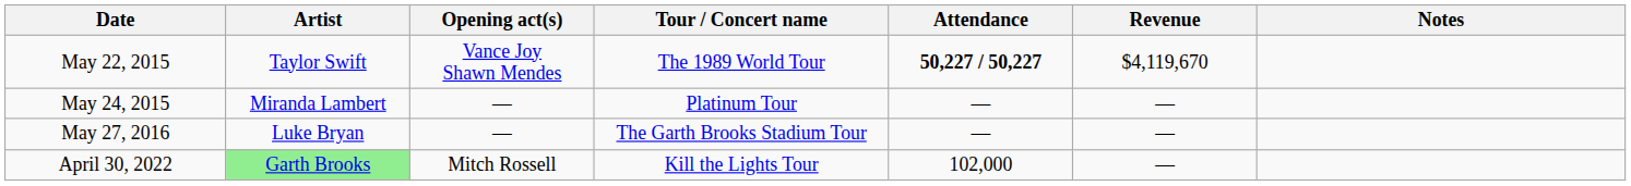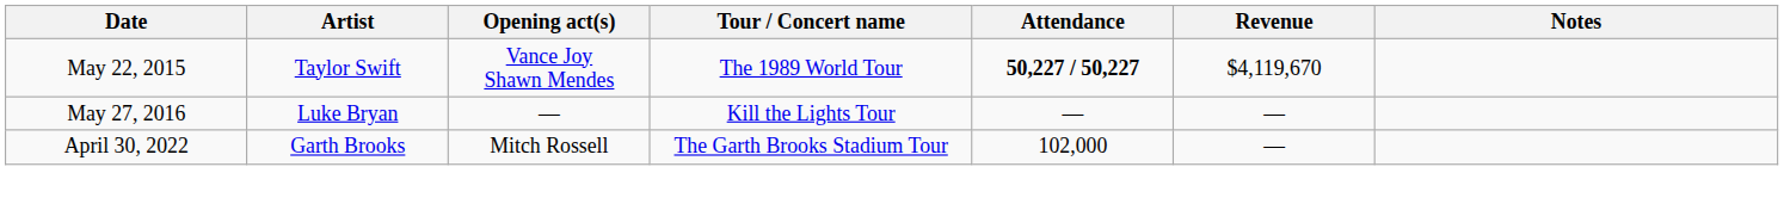 <table class="wikitable" style="text-align:center;">
 <tr>
 <th width=12% style="text-align:center;">Date</th>
 <th width=10% style="text-align:center;">Artist</th>
 <th width=10% style="text-align:center;">Opening act(s)</th>
 <th width=16% style="text-align:center;">Tour / Concert name</th>
 <th width=10% style="text-align:center;">Attendance</th>
 <th width=10% style="text-align:center;">Revenue</th>
 <th width=20% style="text-align:center;">Notes</th>
 </tr>
 <tr>
 <td>May 22, 2015</td>
 <td><a href='#'>Taylor Swift</a></td>
 <td><a href='#'>Vance Joy</a><br><a href='#'>Shawn Mendes</a></td>
 <td><a href='#'>The 1989 World Tour</a></td>
 <td><strong>50,227 / 50,227</strong></td>
 <td>$4,119,670</td>
 <td></td>
 </tr>
 <tr>
-<td>May 24, 2015</td>
-<td><a href='#'>Miranda Lambert</a></td>
-<td>—</td>
-<td><a href='#'>Platinum Tour</a></td>
-<td>—</td>
-<td>—</td>
-<td></td>
-</tr>
-<tr>
 <td>May 27, 2016</td>
 <td><a href='#'>Luke Bryan</a></td>
 <td>—</td>
-<td><a href='#'>The Garth Brooks Stadium Tour</a></td>
+<td><a href='#'>Kill the Lights Tour</a></td>
 <td>—</td>
 <td>—</td>
 <td></td>
 </tr>
 <tr>
 <td>April 30, 2022</td>
-<td style="background: lightgreen;"><a href='#'>Garth Brooks</a></td>
+<td><a href='#'>Garth Brooks</a></td>
 <td>Mitch Rossell</td>
-<td><a href='#'>Kill the Lights Tour</a></td>
+<td><a href='#'>The Garth Brooks Stadium Tour</a></td>
 <td>102,000</td>
 <td>—</td>
 <td></td>
 </tr>
 </table>
